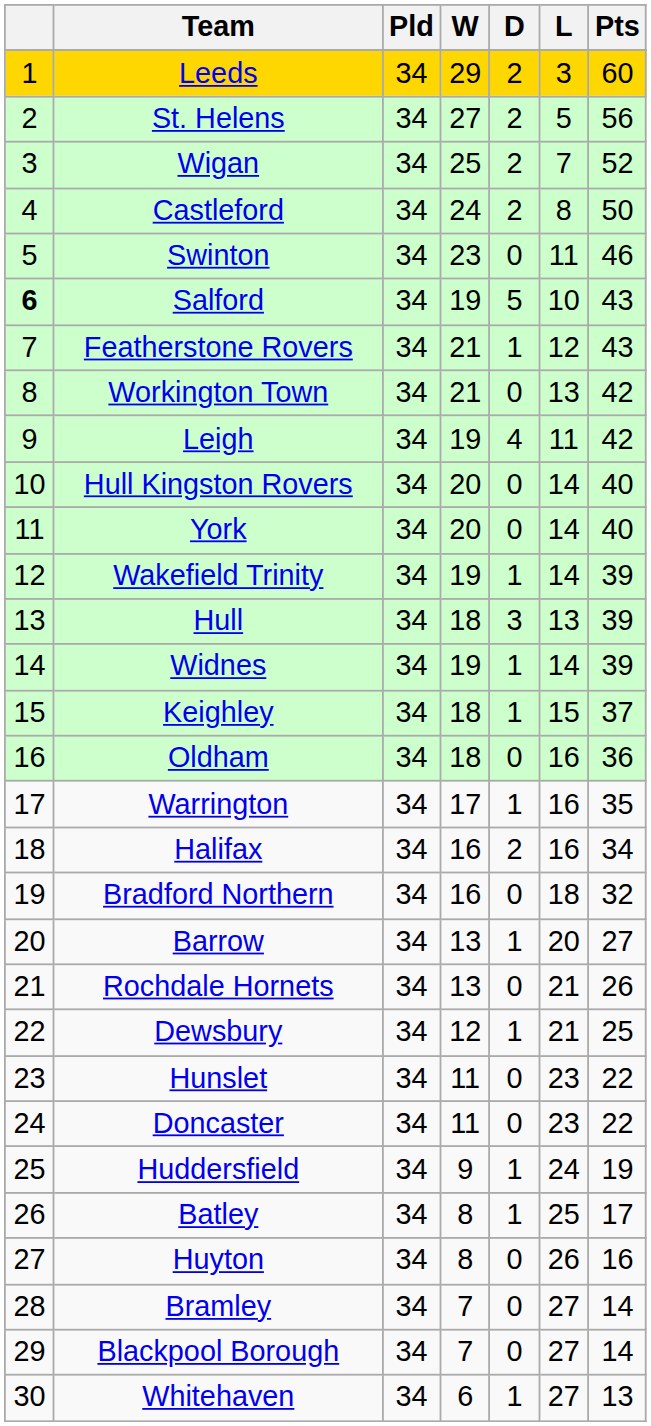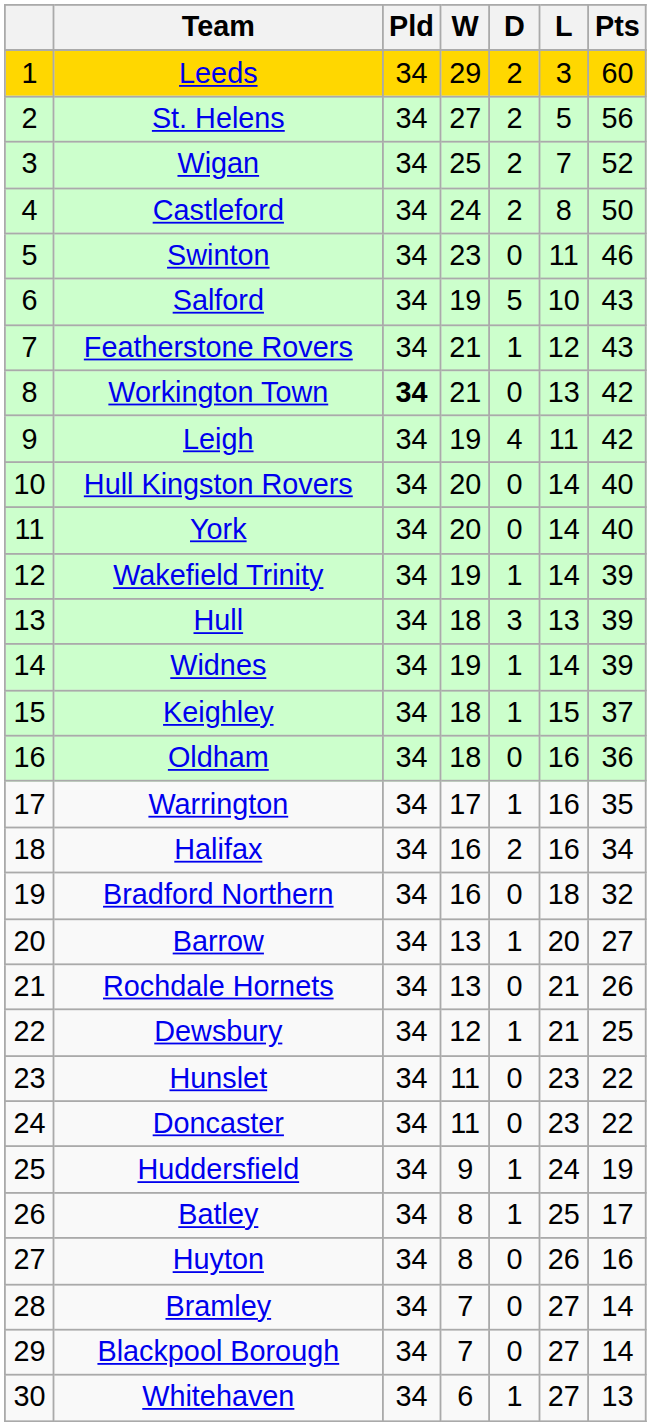 <table class="wikitable" style="text-align:center;">
 <tr>
 <th width=20 abbr="Position"></th>
 <th width=175>Team</th>
 <th width=20 abbr="Played">Pld</th>
 <th width=20 abbr="Won">W</th>
 <th width=20 abbr="Drawn">D</th>
 <th width=20 abbr="Lost">L</th>
 <th width=20 abbr="Points">Pts</th>
 </tr>
 <tr>
 </tr>
 <tr align=center style="background:#FFD700;">
 <td>1</td>
 <td><a href='#'>Leeds</a></td>
 <td>34</td>
 <td>29</td>
 <td>2</td>
 <td>3</td>
 <td>60</td>
 </tr>
 <tr align=center style="background:#ccffcc;color:">
 <td>2</td>
 <td><a href='#'>St. Helens</a></td>
 <td>34</td>
 <td>27</td>
 <td>2</td>
 <td>5</td>
 <td>56</td>
 </tr>
 <tr align=center style="background:#ccffcc;color:">
 <td>3</td>
 <td><a href='#'>Wigan</a></td>
 <td>34</td>
 <td>25</td>
 <td>2</td>
 <td>7</td>
 <td>52</td>
 </tr>
 <tr align=center style="background:#ccffcc;color:">
 <td>4</td>
 <td><a href='#'>Castleford</a></td>
 <td>34</td>
 <td>24</td>
 <td>2</td>
 <td>8</td>
 <td>50</td>
 </tr>
 <tr align=center style="background:#ccffcc;color:">
 <td>5</td>
 <td><a href='#'>Swinton</a></td>
 <td>34</td>
 <td>23</td>
 <td>0</td>
 <td>11</td>
 <td>46</td>
 </tr>
 <tr align=center style="background:#ccffcc;color:">
-<td><strong>6</strong></td>
+<td>6</td>
 <td><a href='#'>Salford</a></td>
 <td>34</td>
 <td>19</td>
 <td>5</td>
 <td>10</td>
 <td>43</td>
 </tr>
 <tr align=center style="background:#ccffcc;color:">
 <td>7</td>
 <td><a href='#'>Featherstone Rovers</a></td>
 <td>34</td>
 <td>21</td>
 <td>1</td>
 <td>12</td>
 <td>43</td>
 </tr>
 <tr align=center style="background:#ccffcc;color:">
 <td>8</td>
 <td><a href='#'>Workington Town</a></td>
-<td>34</td>
+<td><strong>34</strong></td>
 <td>21</td>
 <td>0</td>
 <td>13</td>
 <td>42</td>
 </tr>
 <tr align=center style="background:#ccffcc;color:">
 <td>9</td>
 <td><a href='#'>Leigh</a></td>
 <td>34</td>
 <td>19</td>
 <td>4</td>
 <td>11</td>
 <td>42</td>
 </tr>
 <tr align=center style="background:#ccffcc;color:">
 <td>10</td>
 <td><a href='#'>Hull Kingston Rovers</a></td>
 <td>34</td>
 <td>20</td>
 <td>0</td>
 <td>14</td>
 <td>40</td>
 </tr>
 <tr align=center style="background:#ccffcc;color:">
 <td>11</td>
 <td><a href='#'>York</a></td>
 <td>34</td>
 <td>20</td>
 <td>0</td>
 <td>14</td>
 <td>40</td>
 </tr>
 <tr align=center style="background:#ccffcc;color:">
 <td>12</td>
 <td><a href='#'>Wakefield Trinity</a></td>
 <td>34</td>
 <td>19</td>
 <td>1</td>
 <td>14</td>
 <td>39</td>
 </tr>
 <tr align=center style="background:#ccffcc;color:">
 <td>13</td>
 <td><a href='#'>Hull</a></td>
 <td>34</td>
 <td>18</td>
 <td>3</td>
 <td>13</td>
 <td>39</td>
 </tr>
 <tr align=center style="background:#ccffcc;color:">
 <td>14</td>
 <td><a href='#'>Widnes</a></td>
 <td>34</td>
 <td>19</td>
 <td>1</td>
 <td>14</td>
 <td>39</td>
 </tr>
 <tr align=center style="background:#ccffcc;color:">
 <td>15</td>
 <td><a href='#'>Keighley</a></td>
 <td>34</td>
 <td>18</td>
 <td>1</td>
 <td>15</td>
 <td>37</td>
 </tr>
 <tr align=center style="background:#ccffcc;color:">
 <td>16</td>
 <td><a href='#'>Oldham</a></td>
 <td>34</td>
 <td>18</td>
 <td>0</td>
 <td>16</td>
 <td>36</td>
 </tr>
 <tr align=center style="background:">
 <td>17</td>
 <td><a href='#'>Warrington</a></td>
 <td>34</td>
 <td>17</td>
 <td>1</td>
 <td>16</td>
 <td>35</td>
 </tr>
 <tr align=center style="background:">
 <td>18</td>
 <td><a href='#'>Halifax</a></td>
 <td>34</td>
 <td>16</td>
 <td>2</td>
 <td>16</td>
 <td>34</td>
 </tr>
 <tr align=center style="background:">
 <td>19</td>
 <td><a href='#'>Bradford Northern</a></td>
 <td>34</td>
 <td>16</td>
 <td>0</td>
 <td>18</td>
 <td>32</td>
 </tr>
 <tr align=center style="background:">
 <td>20</td>
 <td><a href='#'>Barrow</a></td>
 <td>34</td>
 <td>13</td>
 <td>1</td>
 <td>20</td>
 <td>27</td>
 </tr>
 <tr align=center style="background:">
 <td>21</td>
 <td><a href='#'>Rochdale Hornets</a></td>
 <td>34</td>
 <td>13</td>
 <td>0</td>
 <td>21</td>
 <td>26</td>
 </tr>
 <tr align=center style="background:">
 <td>22</td>
 <td><a href='#'>Dewsbury</a></td>
 <td>34</td>
 <td>12</td>
 <td>1</td>
 <td>21</td>
 <td>25</td>
 </tr>
 <tr align=center style="background:">
 <td>23</td>
 <td><a href='#'>Hunslet</a></td>
 <td>34</td>
 <td>11</td>
 <td>0</td>
 <td>23</td>
 <td>22</td>
 </tr>
 <tr align=center style="background:">
 <td>24</td>
 <td><a href='#'>Doncaster</a></td>
 <td>34</td>
 <td>11</td>
 <td>0</td>
 <td>23</td>
 <td>22</td>
 </tr>
 <tr align=center style="background:">
 <td>25</td>
 <td><a href='#'>Huddersfield</a></td>
 <td>34</td>
 <td>9</td>
 <td>1</td>
 <td>24</td>
 <td>19</td>
 </tr>
 <tr align=center style="background:">
 <td>26</td>
 <td><a href='#'>Batley</a></td>
 <td>34</td>
 <td>8</td>
 <td>1</td>
 <td>25</td>
 <td>17</td>
 </tr>
 <tr align=center style="background:">
 <td>27</td>
 <td><a href='#'>Huyton</a></td>
 <td>34</td>
 <td>8</td>
 <td>0</td>
 <td>26</td>
 <td>16</td>
 </tr>
 <tr align=center style="background:">
 <td>28</td>
 <td><a href='#'>Bramley</a></td>
 <td>34</td>
 <td>7</td>
 <td>0</td>
 <td>27</td>
 <td>14</td>
 </tr>
 <tr align=center style="background:">
 <td>29</td>
 <td><a href='#'>Blackpool Borough</a></td>
 <td>34</td>
 <td>7</td>
 <td>0</td>
 <td>27</td>
 <td>14</td>
 </tr>
 <tr align=center style="background:">
 <td>30</td>
 <td><a href='#'>Whitehaven</a></td>
 <td>34</td>
 <td>6</td>
 <td>1</td>
 <td>27</td>
 <td>13</td>
 </tr>
 <tr>
 </tr>
 </table>
